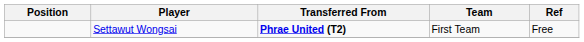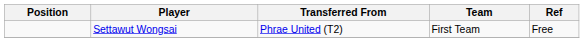 <table class="wikitable sortable" style="width:70%; text-align:center; font-size:100%; text-align:left;">
 <tr>
 <th>Position</th>
 <th>Player</th>
 <th>Transferred From</th>
 <th>Team</th>
 <th>Ref</th>
 </tr>
 <tr>
 <td></td>
 <td> <a href='#'>Settawut Wongsai</a></td>
-<td><strong> <a href='#'>Phrae United</a>  (T2)</strong></td>
+<td> <a href='#'>Phrae United</a>  (T2)</td>
 <td>First Team</td>
 <td>Free </td>
 </tr>
 <tr>
 </tr>
 </table>
